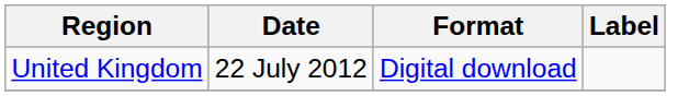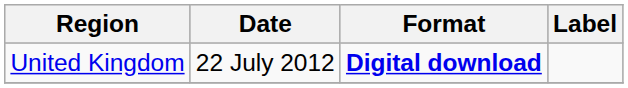 <table class=wikitable>
 <tr>
 <th>Region</th>
 <th>Date</th>
 <th>Format</th>
 <th>Label</th>
 </tr>
 <tr>
 <td><a href='#'>United Kingdom</a></td>
 <td>22 July 2012</td>
-<td><a href='#'>Digital download</a></td>
+<td><strong><a href='#'>Digital download</a></strong></td>
 <td></td>
 </tr>
 <tr>
 </tr>
 </table>
